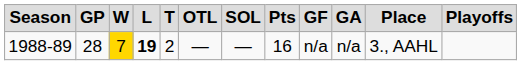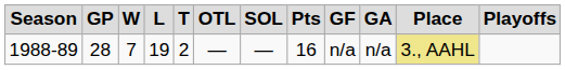 <table class="wikitable">
 <tr style="font-weight:bold; background-color:#dddddd;" align="center" |>
 <td>Season</td>
 <td>GP</td>
 <td>W</td>
 <td>L</td>
 <td>T</td>
 <td>OTL</td>
 <td>SOL</td>
 <td>Pts</td>
 <td>GF</td>
 <td>GA</td>
 <td>Place</td>
 <td>Playoffs</td>
 </tr>
 <tr align="center">
 <td>1988-89</td>
 <td>28</td>
-<td style="background: gold;">7</td>
-<td><strong>19</strong></td>
+<td>7</td>
+<td>19</td>
 <td>2</td>
 <td>—</td>
 <td>—</td>
 <td>16</td>
 <td>n/a</td>
 <td>n/a</td>
-<td align="left">3., AAHL</td>
+<td align="left" style="background: khaki;">3., AAHL</td>
 <td></td>
 </tr>
 </table>
